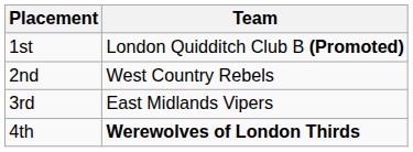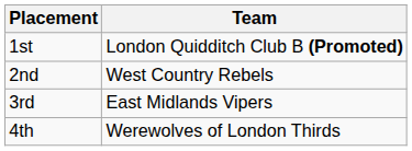 <table class="wikitable">
 <tr>
 <th>Placement</th>
 <th>Team</th>
 </tr>
 <tr>
 <td>1st</td>
 <td>London Quidditch Club B <strong>(Promoted)</strong></td>
 </tr>
 <tr>
 <td>2nd</td>
 <td>West Country Rebels</td>
 </tr>
 <tr>
 <td>3rd</td>
 <td>East Midlands Vipers</td>
 </tr>
 <tr>
 <td>4th</td>
-<td><strong>Werewolves of London Thirds</strong></td>
+<td>Werewolves of London Thirds</td>
 </tr>
 </table>
